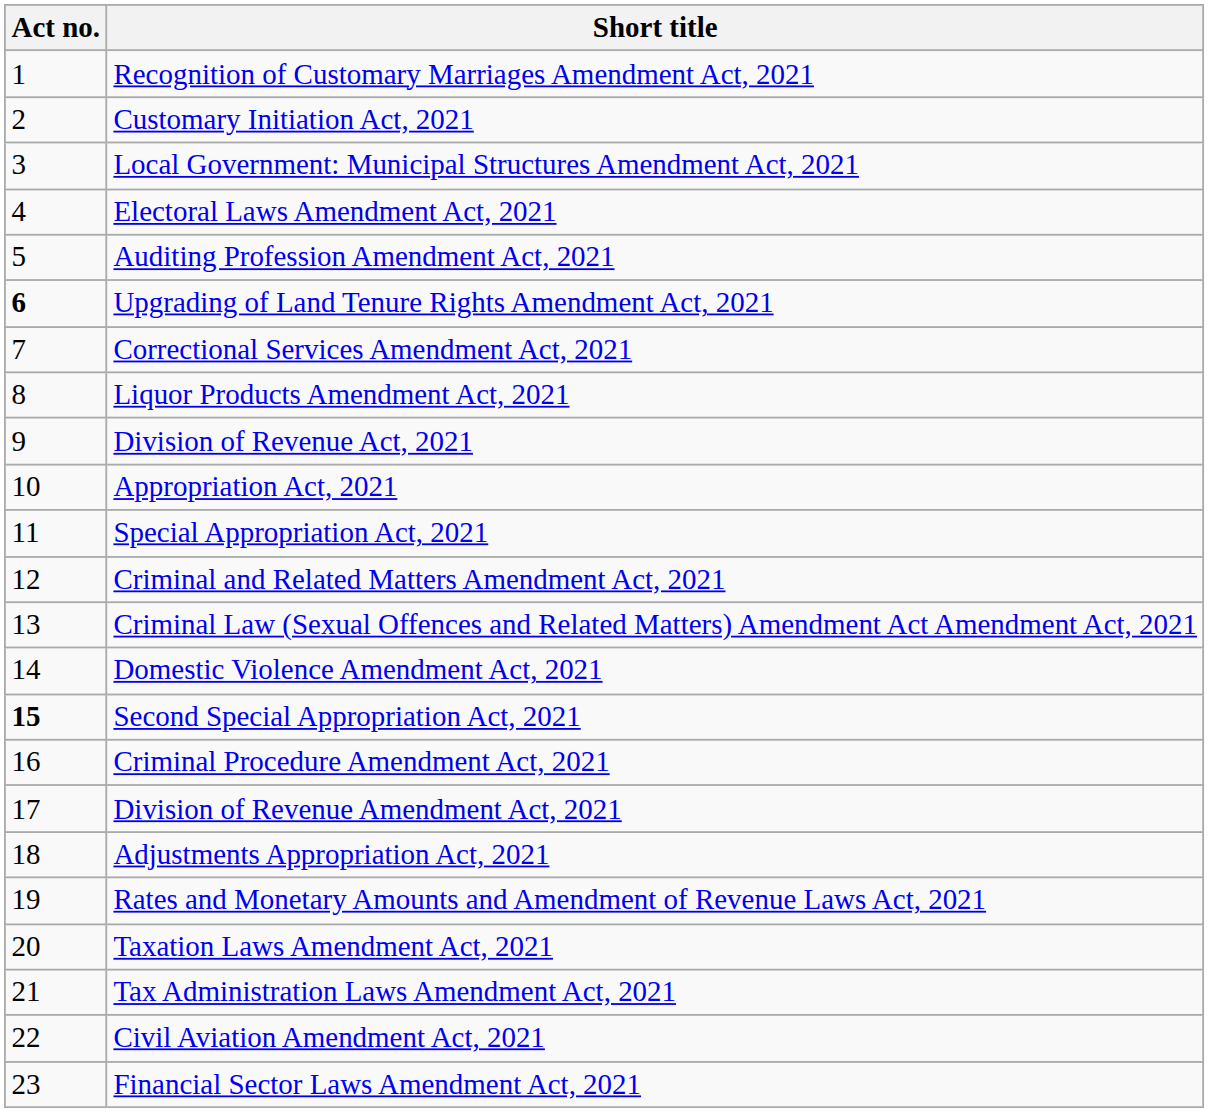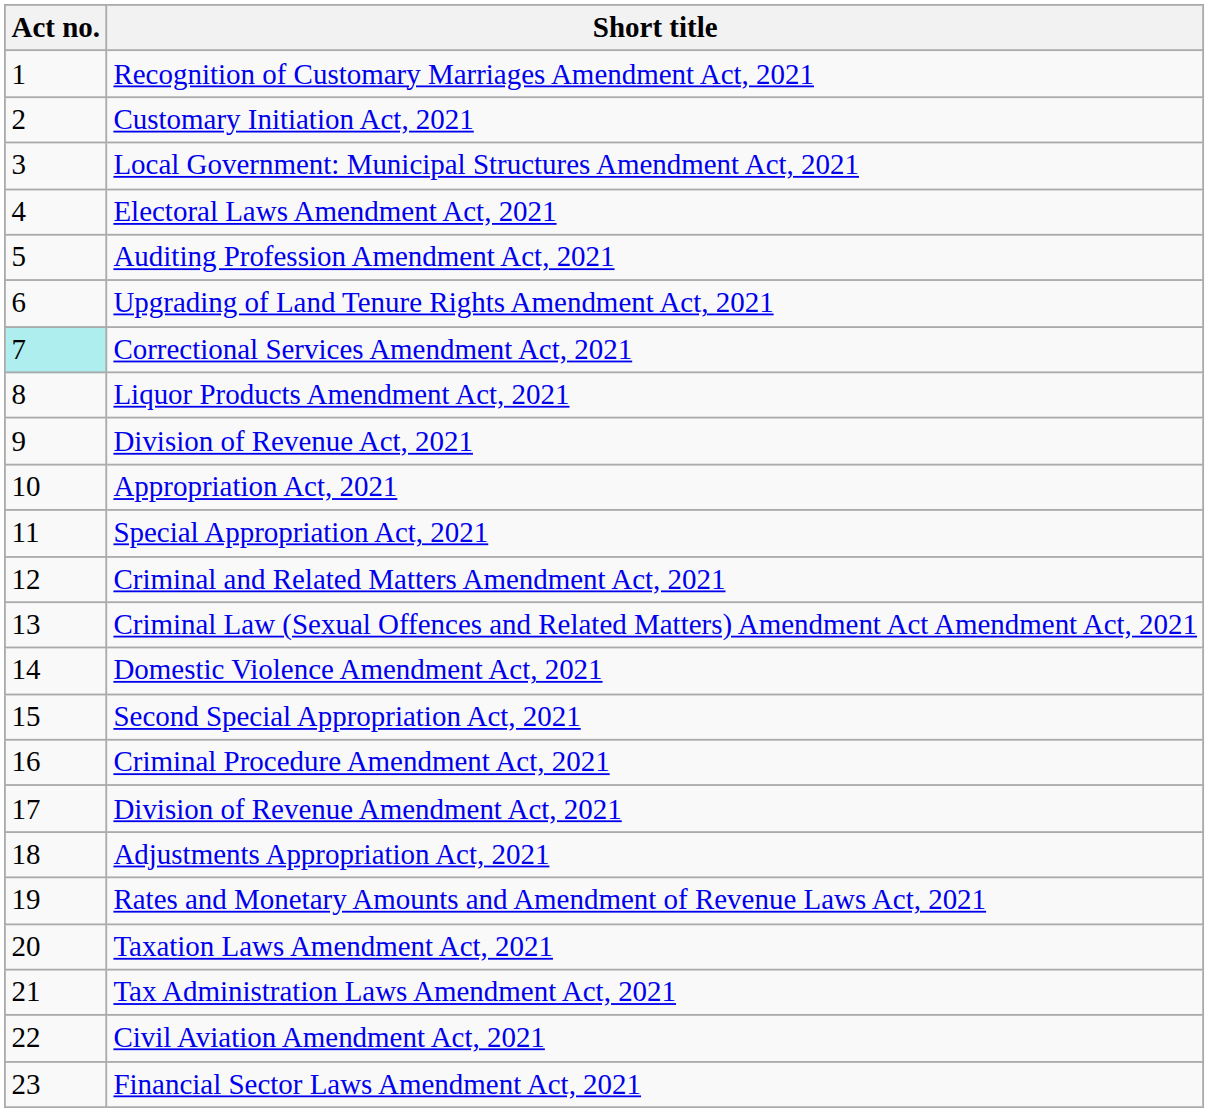 <table class="wikitable sortable">
 <tr>
 <th>Act no.</th>
 <th>Short title</th>
 </tr>
 <tr>
 <td>1</td>
 <td><a href='#'>Recognition of Customary Marriages Amendment Act, 2021</a></td>
 </tr>
 <tr>
 <td>2</td>
 <td><a href='#'>Customary Initiation Act, 2021</a></td>
 </tr>
 <tr>
 <td>3</td>
 <td><a href='#'>Local Government: Municipal Structures Amendment Act, 2021</a></td>
 </tr>
 <tr>
 <td>4</td>
 <td><a href='#'>Electoral Laws Amendment Act, 2021</a></td>
 </tr>
 <tr>
 <td>5</td>
 <td><a href='#'>Auditing Profession Amendment Act, 2021</a></td>
 </tr>
 <tr>
-<td><strong>6</strong></td>
+<td>6</td>
 <td><a href='#'>Upgrading of Land Tenure Rights Amendment Act, 2021</a></td>
 </tr>
 <tr>
-<td>7</td>
+<td style="background: paleturquoise;">7</td>
 <td><a href='#'>Correctional Services Amendment Act, 2021</a></td>
 </tr>
 <tr>
 <td>8</td>
 <td><a href='#'>Liquor Products Amendment Act, 2021</a></td>
 </tr>
 <tr>
 <td>9</td>
 <td><a href='#'>Division of Revenue Act, 2021</a></td>
 </tr>
 <tr>
 <td>10</td>
 <td><a href='#'>Appropriation Act, 2021</a></td>
 </tr>
 <tr>
 <td>11</td>
 <td><a href='#'>Special Appropriation Act, 2021</a></td>
 </tr>
 <tr>
 <td>12</td>
 <td><a href='#'>Criminal and Related Matters Amendment Act, 2021</a></td>
 </tr>
 <tr>
 <td>13</td>
 <td><a href='#'>Criminal Law (Sexual Offences and Related Matters) Amendment Act Amendment Act, 2021</a></td>
 </tr>
 <tr>
 <td>14</td>
 <td><a href='#'>Domestic Violence Amendment Act, 2021</a></td>
 </tr>
 <tr>
-<td><strong>15</strong></td>
+<td>15</td>
 <td><a href='#'>Second Special Appropriation Act, 2021</a></td>
 </tr>
 <tr>
 <td>16</td>
 <td><a href='#'>Criminal Procedure Amendment Act, 2021</a></td>
 </tr>
 <tr>
 <td>17</td>
 <td><a href='#'>Division of Revenue Amendment Act, 2021</a></td>
 </tr>
 <tr>
 <td>18</td>
 <td><a href='#'>Adjustments Appropriation Act, 2021</a></td>
 </tr>
 <tr>
 <td>19</td>
 <td><a href='#'>Rates and Monetary Amounts and Amendment of Revenue Laws Act, 2021</a></td>
 </tr>
 <tr>
 <td>20</td>
 <td><a href='#'>Taxation Laws Amendment Act, 2021</a></td>
 </tr>
 <tr>
 <td>21</td>
 <td><a href='#'>Tax Administration Laws Amendment Act, 2021</a></td>
 </tr>
 <tr>
 <td>22</td>
 <td><a href='#'>Civil Aviation Amendment Act, 2021</a></td>
 </tr>
 <tr>
 <td>23</td>
 <td><a href='#'>Financial Sector Laws Amendment Act, 2021</a></td>
 </tr>
 </table>
